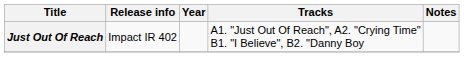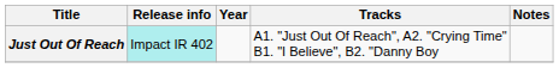 <table class="wikitable plainrowheaders sortable">
 <tr>
 <th scope="col">Title</th>
 <th scope="col">Release info</th>
 <th scope="col">Year</th>
 <th scope="col">Tracks</th>
 <th scope="col" class="unsortable">Notes</th>
 </tr>
 <tr>
 <th scope="row"><em>Just Out Of Reach</em></th>
-<td>Impact IR 402</td>
+<td style="background: paleturquoise;">Impact IR 402</td>
 <td></td>
 <td>A1. "Just Out Of Reach", A2. "Crying Time"<br>B1. "I Believe", B2. "Danny Boy</td>
 <td></td>
 </tr>
 <tr>
 </tr>
 </table>
